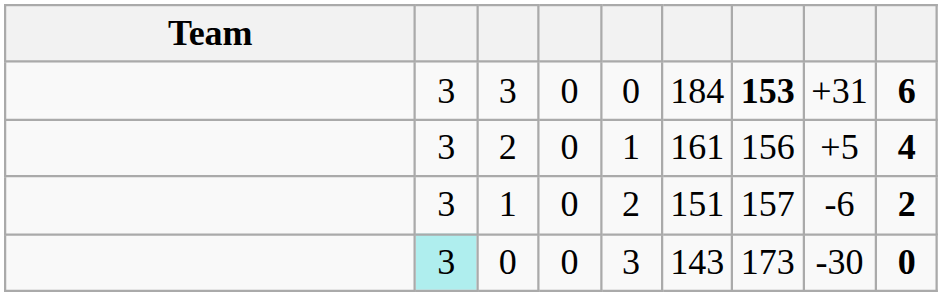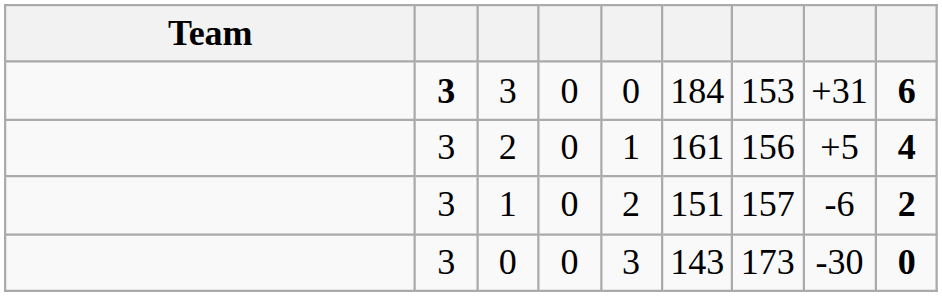 <table class=wikitable style="text-align:center">
 <tr>
 <th width=175>Team</th>
 <th width=20 abbr=Played></th>
 <th width=20 abbr=Won></th>
 <th width=20 abbr=Drawn></th>
 <th width=20 abbr=Lost></th>
 <th width=20 abbr=Goal For></th>
 <th width=20 abbr=Goal Against></th>
 <th width=20 abbr=Goal Difference></th>
 <th width=20 abbr=Points></th>
 </tr>
 <tr>
 <td align=left></td>
-<td>3</td>
+<td><strong>3</strong></td>
 <td>3</td>
 <td>0</td>
 <td>0</td>
 <td>184</td>
-<td><strong>153</strong></td>
+<td>153</td>
 <td>+31</td>
 <td><strong>6</strong></td>
 </tr>
 <tr>
 <td align=left></td>
 <td>3</td>
 <td>2</td>
 <td>0</td>
 <td>1</td>
 <td>161</td>
 <td>156</td>
 <td>+5</td>
 <td><strong>4</strong></td>
 </tr>
 <tr>
 <td align=left></td>
 <td>3</td>
 <td>1</td>
 <td>0</td>
 <td>2</td>
 <td>151</td>
 <td>157</td>
 <td>-6</td>
 <td><strong>2</strong></td>
 </tr>
 <tr>
 <td align=left></td>
-<td style="background: paleturquoise;">3</td>
+<td>3</td>
 <td>0</td>
 <td>0</td>
 <td>3</td>
 <td>143</td>
 <td>173</td>
 <td>-30</td>
 <td><strong>0</strong></td>
 </tr>
 </table>
